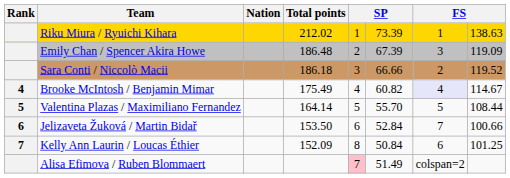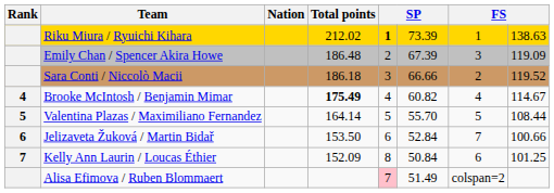 <table class="wikitable sortable" style="text-align:left">
 <tr>
 <th scope="col">Rank</th>
 <th scope="col">Team</th>
 <th scope="col">Nation</th>
 <th scope="col">Total points</th>
 <th scope="col" colspan="2" width="80px"><a href='#'>SP</a></th>
 <th scope="col" colspan="2" width="80px"><a href='#'>FS</a></th>
 </tr>
 <tr bgcolor="gold">
 <th scope="row"></th>
 <td><a href='#'>Riku Miura</a> / <a href='#'>Ryuichi Kihara</a></td>
 <td></td>
 <td align="center">212.02</td>
-<td align="center">1</td>
+<td align="center"><strong>1</strong></td>
 <td align="center">73.39</td>
 <td align="center">1</td>
 <td align="center">138.63</td>
 </tr>
 <tr bgcolor="silver">
 <th scope="row"></th>
 <td><a href='#'>Emily Chan</a> / <a href='#'>Spencer Akira Howe</a></td>
 <td></td>
 <td align="center">186.48</td>
 <td align="center">2</td>
 <td align="center">67.39</td>
 <td align="center">3</td>
 <td align="center">119.09</td>
 </tr>
 <tr bgcolor="cc9966">
 <th scope="row"></th>
 <td><a href='#'>Sara Conti</a> / <a href='#'>Niccolò Macii</a></td>
 <td></td>
 <td align="center">186.18</td>
 <td align="center">3</td>
 <td align="center">66.66</td>
 <td align="center">2</td>
 <td align="center">119.52</td>
 </tr>
 <tr>
 <th scope="row">4</th>
 <td><a href='#'>Brooke McIntosh</a> / <a href='#'>Benjamin Mimar</a></td>
 <td></td>
-<td align="center">175.49</td>
+<td align="center"><strong>175.49</strong></td>
 <td align="center">4</td>
 <td align="center">60.82</td>
-<td align="center" style="background: lavender;">4</td>
+<td align="center">4</td>
 <td align="center">114.67</td>
 </tr>
 <tr>
 <th scope="row">5</th>
 <td><a href='#'>Valentina Plazas</a> / <a href='#'>Maximiliano Fernandez</a></td>
 <td></td>
 <td align="center">164.14</td>
 <td align="center">5</td>
 <td align="center">55.70</td>
 <td align="center">5</td>
 <td align="center">108.44</td>
 </tr>
 <tr>
 <th scope="row">6</th>
 <td><a href='#'>Jelizaveta Žuková</a> / <a href='#'>Martin Bidař</a></td>
 <td></td>
 <td align="center">153.50</td>
 <td align="center">6</td>
 <td align="center">52.84</td>
 <td align="center">7</td>
 <td align="center">100.66</td>
 </tr>
 <tr>
 <th scope="row">7</th>
 <td><a href='#'>Kelly Ann Laurin</a> / <a href='#'>Loucas Éthier</a></td>
 <td></td>
 <td align="center">152.09</td>
 <td align="center">8</td>
 <td align="center">50.84</td>
 <td align="center">6</td>
 <td align="center">101.25</td>
 </tr>
 <tr>
 <th scope="row"></th>
 <td><a href='#'>Alisa Efimova</a> / <a href='#'>Ruben Blommaert</a></td>
 <td></td>
 <td></td>
 <td align="center" style="background: pink;">7</td>
 <td align="center">51.49</td>
 <td>colspan=2 </td>
 </tr>
 </table>
